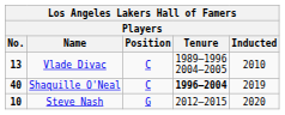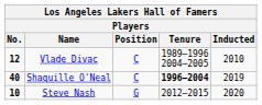 <table class="wikitable sortable" style="text-align:center">
 <tr>
 <th colspan="5">Los Angeles Lakers Hall of Famers</th>
 </tr>
 <tr>
 <th colspan="5">Players</th>
 </tr>
 <tr>
 <th>No.</th>
 <th>Name</th>
 <th>Position</th>
 <th>Tenure</th>
 <th>Inducted</th>
 </tr>
 <tr>
-<td><strong>13</strong></td>
+<td><strong>12</strong></td>
 <td><a href='#'>Vlade Divac</a></td>
 <td><a href='#'>C</a></td>
 <td>1989–1996<br>2004–2005</td>
 <td>2010</td>
 </tr>
 <tr>
 <td><strong>40</strong></td>
 <td><a href='#'>Shaquille O'Neal</a></td>
 <td><a href='#'>C</a></td>
 <td><strong>1996–2004</strong></td>
 <td>2019</td>
 </tr>
 <tr>
 <td><strong>10</strong></td>
 <td><a href='#'>Steve Nash</a></td>
 <td><a href='#'>G</a></td>
 <td>2012–2015</td>
 <td>2020</td>
 </tr>
 </table>
